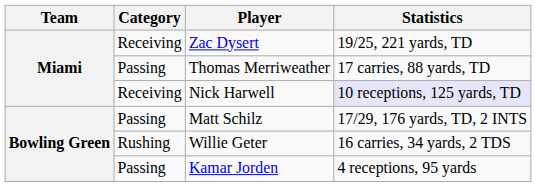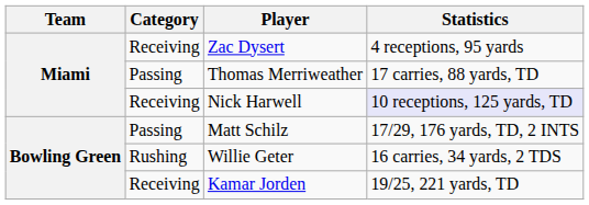 <table class="wikitable" style="float:right">
 <tr>
 <th>Team</th>
 <th>Category</th>
 <th>Player</th>
 <th>Statistics</th>
 </tr>
 <tr>
 <th rowspan=3>Miami</th>
 <td>Receiving</td>
 <td><a href='#'>Zac Dysert</a></td>
-<td>19/25, 221 yards, TD</td>
+<td>4 receptions, 95 yards</td>
 </tr>
 <tr>
 <td>Passing</td>
 <td>Thomas Merriweather</td>
 <td>17 carries, 88 yards, TD</td>
 </tr>
 <tr>
 <td>Receiving</td>
 <td>Nick Harwell</td>
 <td style="background: lavender;">10 receptions, 125 yards, TD</td>
 </tr>
 <tr>
 <th rowspan=3>Bowling Green</th>
 <td>Passing</td>
 <td>Matt Schilz</td>
 <td>17/29, 176 yards, TD, 2 INTS</td>
 </tr>
 <tr>
 <td>Rushing</td>
 <td>Willie Geter</td>
 <td>16 carries, 34 yards, 2 TDS</td>
 </tr>
 <tr>
-<td>Passing</td>
+<td>Receiving</td>
 <td><a href='#'>Kamar Jorden</a></td>
-<td>4 receptions, 95 yards</td>
+<td>19/25, 221 yards, TD</td>
 </tr>
 </table>
